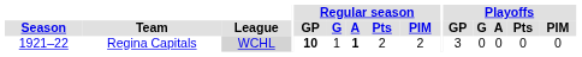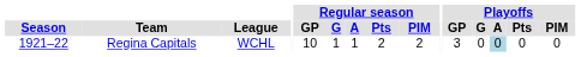 <table border="0" cellpadding="1" cellspacing="0" style="text-align:center; width:45em">
 <tr bgcolor="#e0e0e0">
 <th colspan="3" bgcolor="#ffffff"></th>
 <th rowspan="100" bgcolor="#ffffff"></th>
 <th colspan="5"><a href='#'>Regular season</a></th>
 <th rowspan="100" bgcolor="#ffffff"></th>
 <th colspan="5"><a href='#'>Playoffs</a></th>
 </tr>
 <tr bgcolor="#e0e0e0">
 <th><a href='#'>Season</a></th>
 <th>Team</th>
 <th>League</th>
 <th>GP</th>
 <th><a href='#'>G</a></th>
 <th><a href='#'>A</a></th>
 <th><a href='#'>Pts</a></th>
 <th><a href='#'>PIM</a></th>
 <th>GP</th>
 <th>G</th>
 <th>A</th>
 <th>Pts</th>
 <th>PIM</th>
 </tr>
 <tr>
 <td><a href='#'>1921–22</a></td>
 <td><a href='#'>Regina Capitals</a></td>
-<td style="background: lightgrey;"><a href='#'>WCHL</a></td>
-<td><strong>10</strong></td>
+<td><a href='#'>WCHL</a></td>
+<td>10</td>
 <td>1</td>
-<td><strong>1</strong></td>
+<td>1</td>
 <td>2</td>
 <td>2</td>
 <td>3</td>
 <td>0</td>
-<td>0</td>
+<td style="background: lightblue;">0</td>
 <td>0</td>
 <td>0</td>
 </tr>
 <tr bgcolor="#e0e0e0">
 </tr>
 </table>
